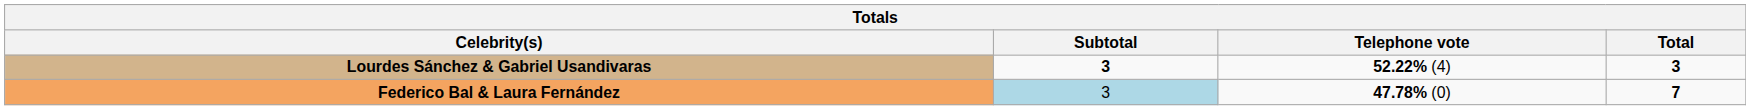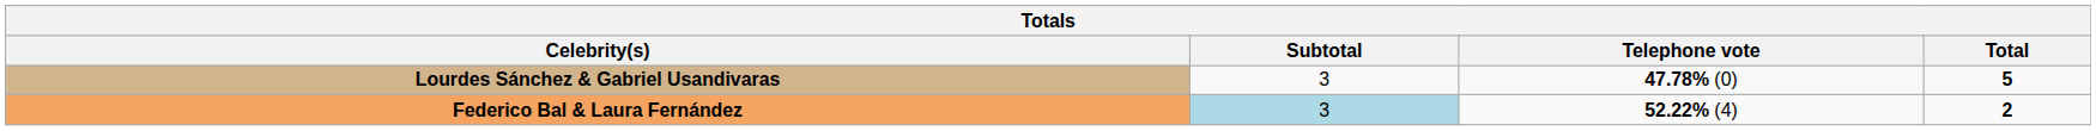 <table class="wikitable collapsible collapsed" style="font-size:90%; text-align: center; width: 100%;">
 <tr>
 <th colspan="11" style="with: 95%;" align=center>Totals</th>
 </tr>
 <tr>
 <th>Celebrity(s)</th>
 <th>Subtotal</th>
 <th>Telephone vote</th>
 <th>Total</th>
 </tr>
 <tr>
 <td bgcolor="tan"><strong>Lourdes Sánchez & Gabriel Usandivaras</strong></td>
-<td><strong>3</strong></td>
-<td><strong>52.22%</strong> (4)</td>
-<td><strong>3</strong></td>
+<td>3</td>
+<td><strong>47.78%</strong> (0)</td>
+<td><strong>5</strong></td>
 </tr>
 <tr>
 <td bgcolor="sandybrown"><strong>Federico Bal & Laura Fernández</strong></td>
 <td style="background: lightblue;">3</td>
-<td><strong>47.78%</strong> (0)</td>
-<td><strong>7</strong></td>
+<td><strong>52.22%</strong> (4)</td>
+<td><strong>2</strong></td>
 </tr>
 </table>
